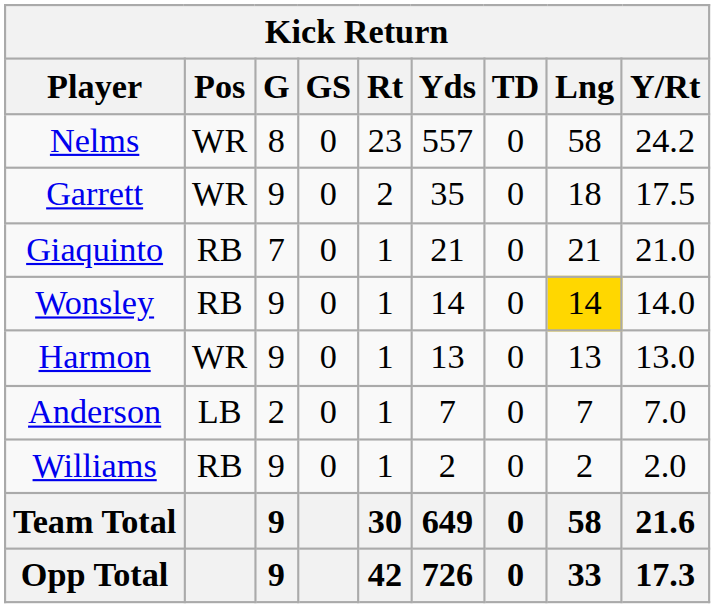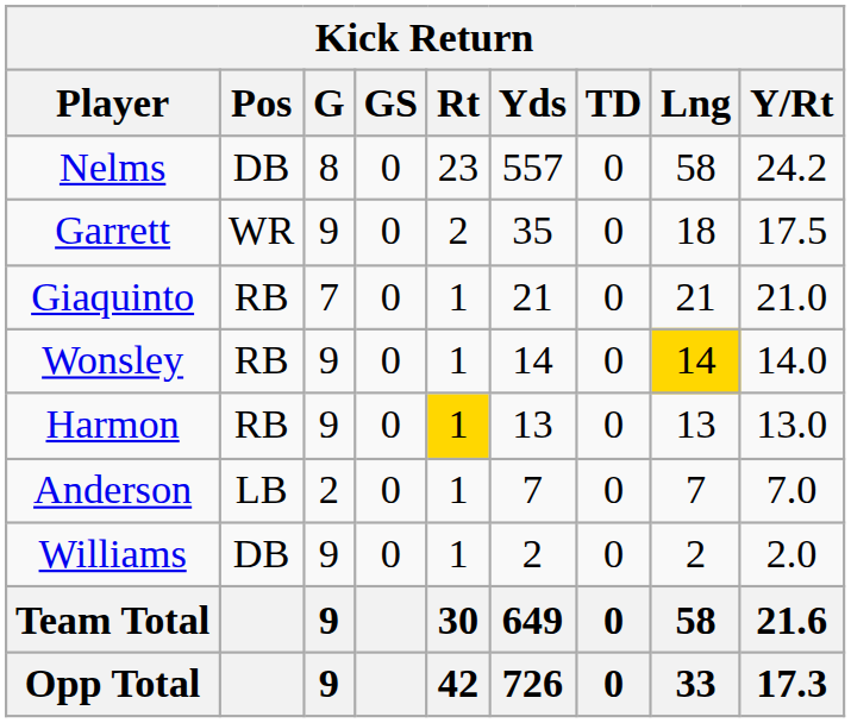 <table class="wikitable" style="text-align:center">
 <tr>
 <th colspan="9">Kick Return</th>
 </tr>
 <tr>
 <th>Player</th>
 <th>Pos</th>
 <th>G</th>
 <th>GS</th>
 <th>Rt</th>
 <th>Yds</th>
 <th>TD</th>
 <th>Lng</th>
 <th>Y/Rt</th>
 </tr>
 <tr>
 <td><a href='#'>Nelms</a></td>
-<td>WR</td>
+<td>DB</td>
 <td>8</td>
 <td>0</td>
 <td>23</td>
 <td>557</td>
 <td>0</td>
 <td>58</td>
 <td>24.2</td>
 </tr>
 <tr>
 <td><a href='#'>Garrett</a></td>
 <td>WR</td>
 <td>9</td>
 <td>0</td>
 <td>2</td>
 <td>35</td>
 <td>0</td>
 <td>18</td>
 <td>17.5</td>
 </tr>
 <tr>
 <td><a href='#'>Giaquinto</a></td>
 <td>RB</td>
 <td>7</td>
 <td>0</td>
 <td>1</td>
 <td>21</td>
 <td>0</td>
 <td>21</td>
 <td>21.0</td>
 </tr>
 <tr>
 <td><a href='#'>Wonsley</a></td>
 <td>RB</td>
 <td>9</td>
 <td>0</td>
 <td>1</td>
 <td>14</td>
 <td>0</td>
 <td style="background: gold;">14</td>
 <td>14.0</td>
 </tr>
 <tr>
 <td><a href='#'>Harmon</a></td>
-<td>WR</td>
+<td>RB</td>
 <td>9</td>
 <td>0</td>
-<td>1</td>
+<td style="background: gold;">1</td>
 <td>13</td>
 <td>0</td>
 <td>13</td>
 <td>13.0</td>
 </tr>
 <tr>
 <td><a href='#'>Anderson</a></td>
 <td>LB</td>
 <td>2</td>
 <td>0</td>
 <td>1</td>
 <td>7</td>
 <td>0</td>
 <td>7</td>
 <td>7.0</td>
 </tr>
 <tr>
 <td><a href='#'>Williams</a></td>
-<td>RB</td>
+<td>DB</td>
 <td>9</td>
 <td>0</td>
 <td>1</td>
 <td>2</td>
 <td>0</td>
 <td>2</td>
 <td>2.0</td>
 </tr>
 <tr>
 <th>Team Total</th>
 <th></th>
 <th>9</th>
 <th></th>
 <th>30</th>
 <th>649</th>
 <th>0</th>
 <th>58</th>
 <th>21.6</th>
 </tr>
 <tr>
 <th>Opp Total</th>
 <th></th>
 <th>9</th>
 <th></th>
 <th>42</th>
 <th>726</th>
 <th>0</th>
 <th>33</th>
 <th>17.3</th>
 </tr>
 </table>
